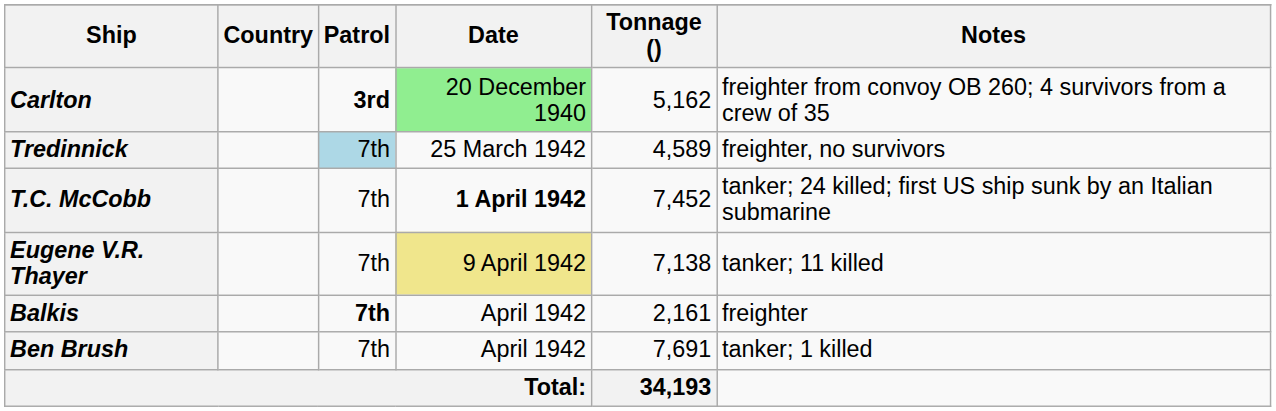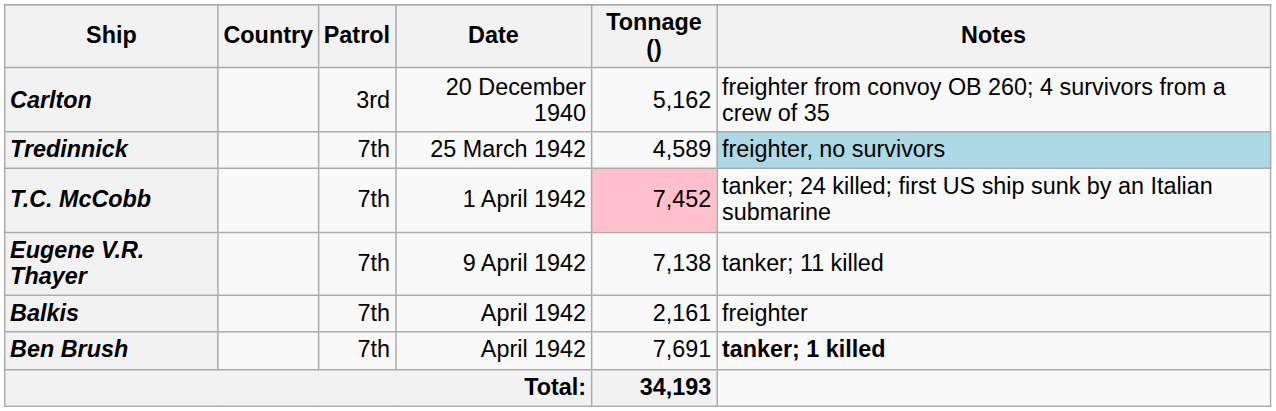 <table class="wikitable sortable plainrowheaders" style="text-align: right;">
 <tr>
 </tr>
 <tr>
 <th scope="col">Ship</th>
 <th scope="col">Country</th>
 <th scope="col">Patrol</th>
 <th scope="col">Date</th>
 <th scope="col">Tonnage (<a href='#'></a>)</th>
 <th scope="col">Notes</th>
 </tr>
 <tr>
 <th scope="row" style="text-align: left;"><em>Carlton</em></th>
 <td style="text-align: left; white-space: nowrap;"></td>
-<td><strong>3rd</strong></td>
-<td style="background: lightgreen;">20 December 1940</td>
+<td>3rd</td>
+<td>20 December 1940</td>
 <td>5,162</td>
 <td style="text-align: left;">freighter from convoy OB 260; 4 survivors from a crew of 35</td>
 </tr>
 <tr>
 <th scope="row" style="text-align: left;"><em>Tredinnick</em></th>
 <td style="text-align: left;"></td>
-<td style="background: lightblue;">7th</td>
+<td>7th</td>
 <td>25 March 1942</td>
 <td>4,589</td>
-<td style="text-align: left;">freighter, no survivors</td>
+<td style="background: lightblue; text-align: left;">freighter, no survivors</td>
 </tr>
 <tr>
 <th scope="row" style="text-align: left;"><em>T.C. McCobb</em></th>
 <td style="text-align: left;"></td>
 <td>7th</td>
-<td><strong>1 April 1942</strong></td>
-<td>7,452</td>
+<td>1 April 1942</td>
+<td style="background: pink;">7,452</td>
 <td style="text-align: left;">tanker; 24 killed; first US ship sunk by an Italian submarine</td>
 </tr>
 <tr>
 <th scope="row" style="text-align: left;"><em>Eugene V.R. Thayer</em></th>
 <td style="text-align: left;"></td>
 <td>7th</td>
-<td style="background: khaki;">9 April 1942</td>
+<td>9 April 1942</td>
 <td>7,138</td>
 <td style="text-align: left;">tanker; 11 killed</td>
 </tr>
 <tr>
 <th scope="row" style="text-align: left;"><em>Balkis</em></th>
 <td style="text-align: left;"></td>
-<td><strong>7th</strong></td>
+<td>7th</td>
 <td>April 1942</td>
 <td>2,161</td>
 <td style="text-align: left;">freighter</td>
 </tr>
 <tr>
 <th scope="row" style="text-align: left;"><em>Ben Brush</em></th>
 <td style="text-align: left;"></td>
 <td>7th</td>
 <td>April 1942</td>
 <td>7,691</td>
-<td style="text-align: left;">tanker; 1 killed</td>
+<td style="text-align: left;"><strong>tanker; 1 killed</strong></td>
 </tr>
 <tr class="sortbottom">
 <th scope="row" colspan=4 style="text-align:right; font-weight:bold;">Total:</th>
 <th scope="col" style="text-align: right;">34,193</th>
 <td></td>
 </tr>
 </table>
